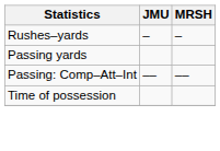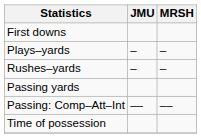 <table class="wikitable" style="float: left;">
 <tr>
 <th>Statistics</th>
 <th>JMU</th>
 <th>MRSH</th>
+</tr>
+<tr>
+<td>First downs</td>
+<td></td>
+<td></td>
+</tr>
+<tr>
+<td>Plays–yards</td>
+<td>–</td>
+<td>–</td>
 </tr>
 <tr>
 <td>Rushes–yards</td>
 <td>–</td>
 <td>–</td>
 </tr>
 <tr>
 <td>Passing yards</td>
 <td></td>
 <td></td>
 </tr>
 <tr>
 <td>Passing: Comp–Att–Int</td>
 <td>––</td>
 <td>––</td>
 </tr>
 <tr>
 <td>Time of possession</td>
 <td></td>
 <td></td>
 </tr>
 <tr>
 </tr>
 </table>
